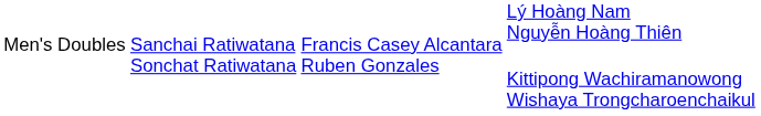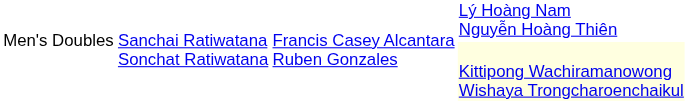 <table>
 <tr>
 <td rowspan=2>Men's Doubles</td>
 <td rowspan=2> <br> <a href='#'>Sanchai Ratiwatana</a> <br> <a href='#'>Sonchat Ratiwatana</a></td>
 <td rowspan=2> <br> <a href='#'>Francis Casey Alcantara</a> <br> <a href='#'>Ruben Gonzales</a></td>
 <td> <br> <a href='#'>Lý Hoàng Nam</a> <br> <a href='#'>Nguyễn Hoàng Thiên</a></td>
 </tr>
 <tr>
-<td> <br> <a href='#'>Kittipong Wachiramanowong</a> <br> <a href='#'>Wishaya Trongcharoenchaikul</a></td>
+<td style="background: lightyellow;"> <br> <a href='#'>Kittipong Wachiramanowong</a> <br> <a href='#'>Wishaya Trongcharoenchaikul</a></td>
 </tr>
 <tr>
 </tr>
 </table>
